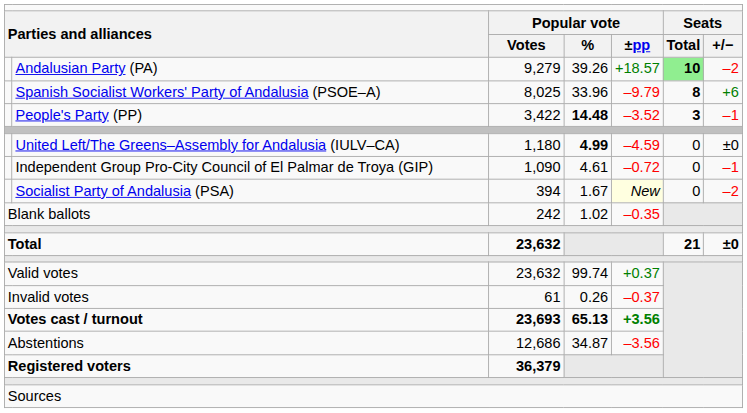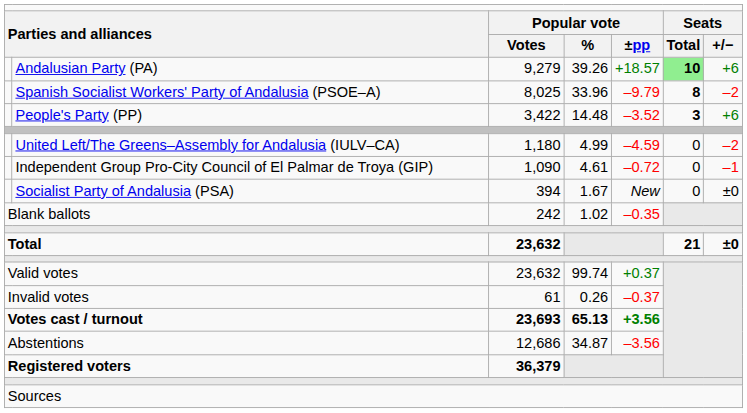 <table class="wikitable" style="text-align:right;">
 <tr>
 <td colspan="7"></td>
 </tr>
 <tr>
 <th style="text-align:left;" rowspan="2" colspan="2" width="525">Parties and alliances</th>
 <th colspan="3">Popular vote</th>
 <th colspan="2">Seats</th>
 </tr>
 <tr>
 <th width="75">Votes</th>
 <th width="45">%</th>
 <th width="45">±<a href='#'>pp</a></th>
 <th width="35">Total</th>
 <th width="35">+/−</th>
 </tr>
 <tr>
 <td width="1" style="color:inherit;background:"></td>
 <td align="left"><a href='#'>Andalusian Party</a> (PA)</td>
 <td>9,279</td>
 <td>39.26</td>
 <td style="color:green;">+18.57</td>
 <td style="background: lightgreen;"><strong>10</strong></td>
-<td style="color:red;">–2</td>
+<td style="color:green;">+6</td>
 </tr>
 <tr>
 <td style="color:inherit;background:"></td>
 <td align="left"><a href='#'>Spanish Socialist Workers' Party of Andalusia</a> (PSOE–A)</td>
 <td>8,025</td>
 <td>33.96</td>
 <td style="color:red;">–9.79</td>
 <td><strong>8</strong></td>
-<td style="color:green;">+6</td>
+<td style="color:red;">–2</td>
 </tr>
 <tr>
 <td style="color:inherit;background:"></td>
 <td align="left"><a href='#'>People's Party</a> (PP)</td>
 <td>3,422</td>
-<td><strong>14.48</strong></td>
+<td>14.48</td>
 <td style="color:red;">–3.52</td>
 <td><strong>3</strong></td>
-<td style="color:red;">–1</td>
+<td style="color:green;">+6</td>
 </tr>
 <tr>
 <td colspan="7" bgcolor="#C0C0C0"></td>
 </tr>
 <tr>
 <td style="color:inherit;background:"></td>
 <td align="left"><a href='#'>United Left/The Greens–Assembly for Andalusia</a> (IULV–CA)</td>
 <td>1,180</td>
-<td><strong>4.99</strong></td>
+<td>4.99</td>
 <td style="color:red;">–4.59</td>
 <td>0</td>
-<td>±0</td>
+<td style="color:red;">–2</td>
 </tr>
 <tr>
 <td style="color:inherit;background:"></td>
 <td align="left">Independent Group Pro-City Council of El Palmar de Troya (GIP)</td>
 <td>1,090</td>
 <td>4.61</td>
 <td style="color:red;">–0.72</td>
 <td>0</td>
 <td style="color:red;">–1</td>
 </tr>
 <tr>
 <td style="color:inherit;background:"></td>
 <td align="left"><a href='#'>Socialist Party of Andalusia</a> (PSA)</td>
 <td>394</td>
 <td>1.67</td>
-<td style="background: lightyellow;"><em>New</em></td>
+<td><em>New</em></td>
 <td>0</td>
-<td style="color:red;">–2</td>
+<td>±0</td>
 </tr>
 <tr>
 <td align="left" colspan="2">Blank ballots</td>
 <td>242</td>
 <td>1.02</td>
 <td style="color:red;">–0.35</td>
 <td bgcolor="#E9E9E9" colspan="2"></td>
 </tr>
 <tr>
 <td colspan="7" bgcolor="#E9E9E9"></td>
 </tr>
 <tr style="font-weight:bold;">
 <td align="left" colspan="2">Total</td>
 <td>23,632</td>
 <td bgcolor="#E9E9E9" colspan="2"></td>
 <td>21</td>
 <td>±0</td>
 </tr>
 <tr>
 <td colspan="7" bgcolor="#E9E9E9"></td>
 </tr>
 <tr>
 <td align="left" colspan="2">Valid votes</td>
 <td>23,632</td>
 <td>99.74</td>
 <td style="color:green;">+0.37</td>
 <td bgcolor="#E9E9E9" colspan="2" rowspan="5"></td>
 </tr>
 <tr>
 <td align="left" colspan="2">Invalid votes</td>
 <td>61</td>
 <td>0.26</td>
 <td style="color:red;">–0.37</td>
 </tr>
 <tr style="font-weight:bold;">
 <td align="left" colspan="2">Votes cast / turnout</td>
 <td>23,693</td>
 <td>65.13</td>
 <td style="color:green;">+3.56</td>
 </tr>
 <tr>
 <td align="left" colspan="2">Abstentions</td>
 <td>12,686</td>
 <td>34.87</td>
 <td style="color:red;">–3.56</td>
 </tr>
 <tr style="font-weight:bold;">
 <td align="left" colspan="2">Registered voters</td>
 <td>36,379</td>
 <td bgcolor="#E9E9E9" colspan="2"></td>
 </tr>
 <tr>
 <td colspan="7" bgcolor="#E9E9E9"></td>
 </tr>
 <tr>
 <td align="left" colspan="7">Sources</td>
 </tr>
 </table>
